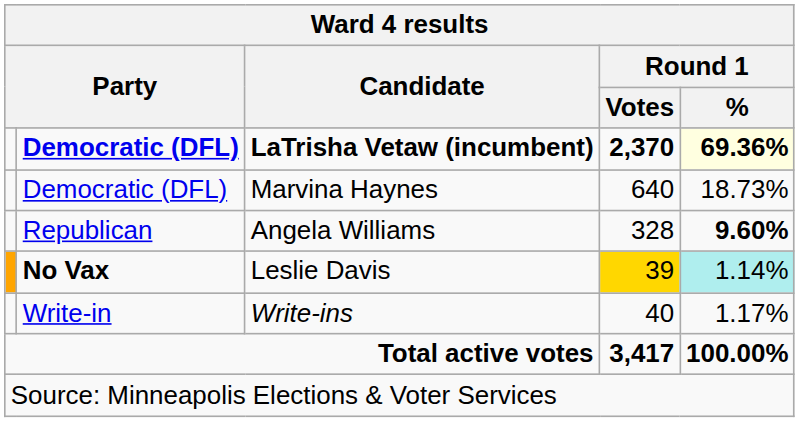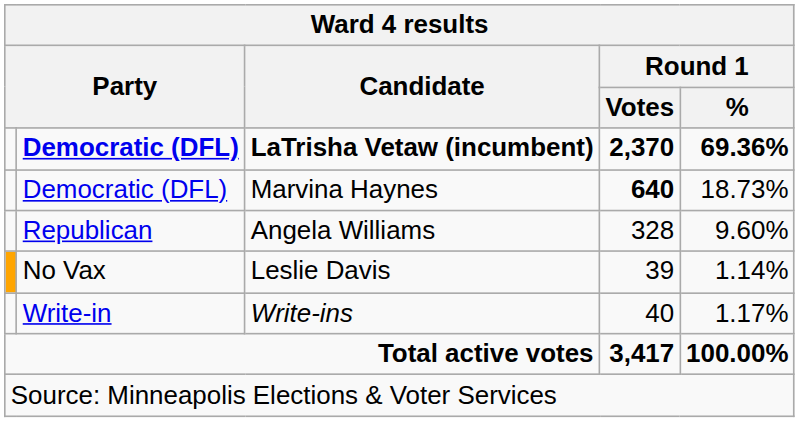 <table class="wikitable">
 <tr>
 <th colspan="5">Ward 4 results</th>
 </tr>
 <tr>
 <th rowspan="2" colspan="2">Party</th>
 <th rowspan="2">Candidate</th>
 <th colspan="2">Round 1</th>
 </tr>
 <tr>
 <th>Votes</th>
 <th>%</th>
 </tr>
 <tr>
 <td style="background-color:"></td>
 <td><strong><a href='#'>Democratic (DFL)</a></strong></td>
 <td><strong>LaTrisha Vetaw (incumbent)</strong></td>
 <td align="right"><strong>2,370</strong></td>
-<td align="right" style="background: lightyellow;"><strong>69.36%</strong></td>
+<td align="right"><strong>69.36%</strong></td>
 </tr>
 <tr>
 <td style="background-color:"></td>
 <td><a href='#'>Democratic (DFL)</a></td>
 <td>Marvina Haynes</td>
-<td align="right">640</td>
+<td align="right"><strong>640</strong></td>
 <td align="right">18.73%</td>
 </tr>
 <tr>
 <td style="background-color:"></td>
 <td><a href='#'>Republican</a></td>
 <td>Angela Williams</td>
 <td align="right">328</td>
-<td align="right"><strong>9.60%</strong></td>
+<td align="right">9.60%</td>
 </tr>
 <tr>
 <td style="background-color:orange"></td>
-<td><strong>No Vax</strong></td>
+<td>No Vax</td>
 <td>Leslie Davis</td>
-<td align="right" style="background: gold;">39</td>
-<td align="right" style="background: paleturquoise;">1.14%</td>
+<td align="right">39</td>
+<td align="right">1.14%</td>
 </tr>
 <tr>
 <td style="background-color:"></td>
 <td><a href='#'>Write-in</a></td>
 <td><em>Write-ins</em></td>
 <td align="right">40</td>
 <td align="right">1.17%</td>
 </tr>
 <tr align="right">
 <td colspan="3"><strong>Total active votes</strong></td>
 <td><strong>3,417</strong></td>
 <td><strong>100.00%</strong></td>
 </tr>
 <tr>
 <td colspan="7">Source: Minneapolis Elections & Voter Services</td>
 </tr>
 </table>
